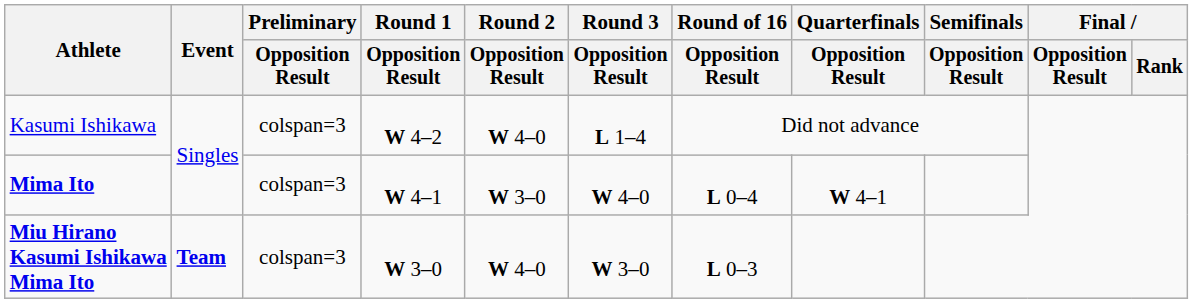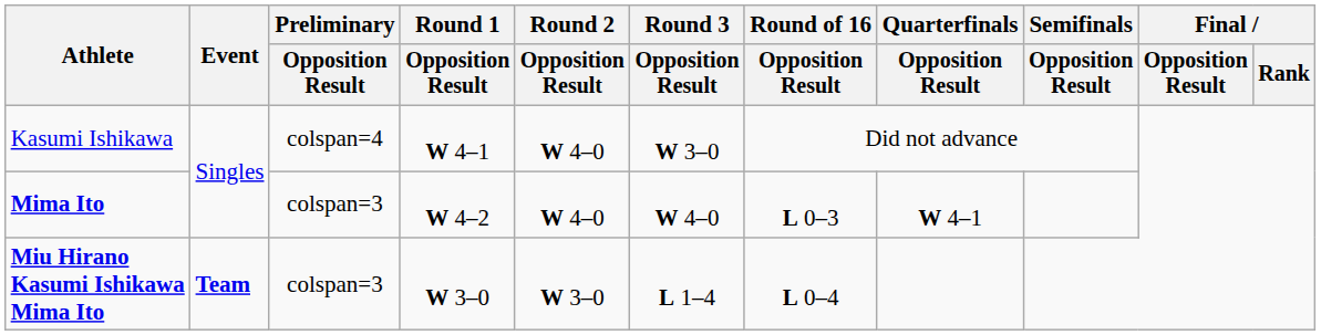 <table class="wikitable" style="font-size:90%;">
 <tr>
 <th rowspan=2>Athlete</th>
 <th rowspan=2>Event</th>
 <th>Preliminary</th>
 <th>Round 1</th>
 <th>Round 2</th>
 <th>Round 3</th>
 <th>Round of 16</th>
 <th>Quarterfinals</th>
 <th>Semifinals</th>
 <th colspan=2>Final / </th>
 </tr>
 <tr style="font-size:95%">
 <th>Opposition<br>Result</th>
 <th>Opposition<br>Result</th>
 <th>Opposition<br>Result</th>
 <th>Opposition<br>Result</th>
 <th>Opposition<br>Result</th>
 <th>Opposition<br>Result</th>
 <th>Opposition<br>Result</th>
 <th>Opposition<br>Result</th>
 <th>Rank</th>
 </tr>
 <tr align=center>
 <td align=left><a href='#'>Kasumi Ishikawa</a></td>
 <td align=left rowspan=2><a href='#'>Singles</a></td>
-<td>colspan=3 </td>
-<td><br><strong>W</strong> 4–2</td>
+<td>colspan=4 </td>
+<td><br><strong>W</strong> 4–1</td>
 <td><br><strong>W</strong> 4–0</td>
-<td><br><strong>L</strong> 1–4</td>
+<td><br><strong>W</strong> 3–0</td>
 <td colspan=3>Did not advance</td>
 </tr>
 <tr align=center>
 <td align=left><strong><a href='#'>Mima Ito</a></strong></td>
 <td>colspan=3 </td>
-<td><br><strong>W</strong> 4–1</td>
-<td><br><strong>W</strong> 3–0</td>
+<td><br><strong>W</strong> 4–2</td>
 <td><br><strong>W</strong> 4–0</td>
-<td><br><strong>L</strong> 0–4</td>
+<td><br><strong>W</strong> 4–0</td>
+<td><br><strong>L</strong> 0–3</td>
 <td><br><strong>W</strong> 4–1</td>
 <td></td>
 </tr>
 <tr align=center>
 <td align=left><strong><a href='#'>Miu Hirano</a><br><a href='#'>Kasumi Ishikawa</a><br><a href='#'>Mima Ito</a></strong></td>
 <td align=left><strong><a href='#'>Team</a></strong></td>
 <td>colspan=3 </td>
 <td><br><strong>W</strong> 3–0</td>
-<td><br><strong>W</strong> 4–0</td>
 <td><br><strong>W</strong> 3–0</td>
-<td><br><strong>L</strong> 0–3</td>
+<td><br><strong>L</strong> 1–4</td>
+<td><br><strong>L</strong> 0–4</td>
 <td></td>
 </tr>
 </table>
